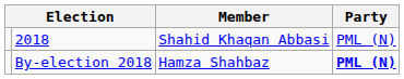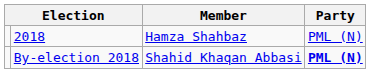 <table class="wikitable">
 <tr>
 <th colspan="2">Election</th>
 <th>Member</th>
 <th>Party</th>
 </tr>
 <tr>
 <td style="background-color: "></td>
 <td><a href='#'>2018</a></td>
-<td><a href='#'>Shahid Khaqan Abbasi</a></td>
+<td><a href='#'>Hamza Shahbaz</a></td>
 <td><a href='#'>PML (N)</a></td>
 </tr>
 <tr>
 <td style="background-color: "></td>
 <td><a href='#'>By-election 2018</a></td>
-<td><a href='#'>Hamza Shahbaz</a></td>
+<td><a href='#'>Shahid Khaqan Abbasi</a></td>
 <td><strong><a href='#'>PML (N)</a></strong></td>
 </tr>
 </table>
